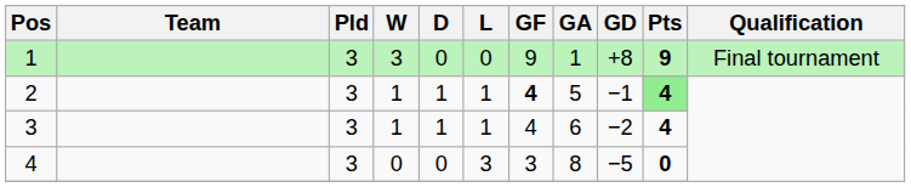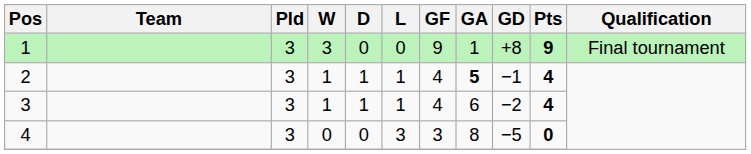 <table class="wikitable" border="1" style="text-align: center;">
 <tr>
 <th width="25"><abbr>Pos</abbr></th>
 <th width="190">Team</th>
 <th width="25"><abbr>Pld</abbr></th>
 <th width="25"><abbr>W</abbr></th>
 <th width="25"><abbr>D</abbr></th>
 <th width="25"><abbr>L</abbr></th>
 <th width="25"><abbr>GF</abbr></th>
 <th width="25"><abbr>GA</abbr></th>
 <th width="25"><abbr>GD</abbr></th>
 <th width="25"><abbr>Pts</abbr></th>
 <th width="150">Qualification</th>
 </tr>
 <tr bgcolor = #BBF3BB>
 <td>1</td>
 <td align="left"></td>
 <td>3</td>
 <td>3</td>
 <td>0</td>
 <td>0</td>
 <td>9</td>
 <td>1</td>
 <td>+8</td>
 <td><strong>9</strong></td>
 <td>Final tournament</td>
 </tr>
 <tr>
 <td>2</td>
 <td align="left"></td>
 <td>3</td>
 <td>1</td>
 <td>1</td>
 <td>1</td>
+<td>4</td>
+<td><strong>5</strong></td>
+<td>−1</td>
 <td><strong>4</strong></td>
-<td>5</td>
-<td>−1</td>
-<td style="background: lightgreen;"><strong>4</strong></td>
 </tr>
 <tr>
 <td>3</td>
 <td align="left"></td>
 <td>3</td>
 <td>1</td>
 <td>1</td>
 <td>1</td>
 <td>4</td>
 <td>6</td>
 <td>−2</td>
 <td><strong>4</strong></td>
 </tr>
 <tr>
 <td>4</td>
 <td align="left"></td>
 <td>3</td>
 <td>0</td>
 <td>0</td>
 <td>3</td>
 <td>3</td>
 <td>8</td>
 <td>−5</td>
 <td><strong>0</strong></td>
 </tr>
 <tr>
 </tr>
 </table>
